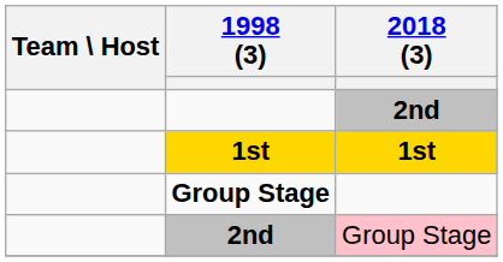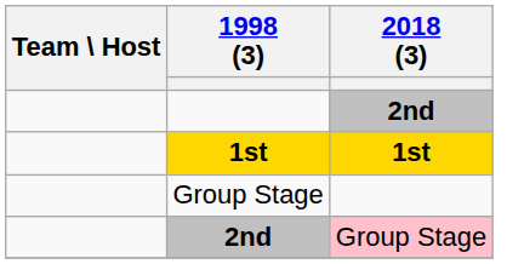 <table class="wikitable" style="text-align: center;">
 <tr>
 <th rowspan=2>Team \ Host</th>
 <th><a href='#'>1998</a><br> (3)</th>
 <th><a href='#'>2018</a><br> (3)</th>
 </tr>
 <tr>
 <th></th>
 <th></th>
 </tr>
 <tr>
 <td align="left"></td>
 <td></td>
 <td style="background: silver"><strong>2nd</strong></td>
 </tr>
 <tr>
 <td align="left"></td>
 <td style="background: gold"><strong>1st</strong></td>
 <td style="background: gold"><strong>1st</strong></td>
 </tr>
 <tr>
 <td align="left"></td>
-<td><strong>Group Stage</strong></td>
+<td>Group Stage</td>
 <td></td>
 </tr>
 <tr>
 <td align="left"></td>
 <td style="background: silver"><strong>2nd</strong></td>
 <td style="background: pink;">Group Stage</td>
 </tr>
 <tr>
 </tr>
 </table>
